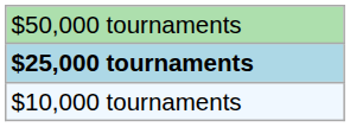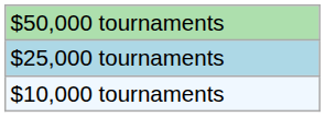 <table class="wikitable" style="font-size:85%;" width=15%>
 <tr style="background:#addfad;">
 <td>$50,000 tournaments</td>
 </tr>
 <tr bgcolor=lightblue>
-<td><strong>$25,000 tournaments</strong></td>
+<td>$25,000 tournaments</td>
 </tr>
 <tr bgcolor="#f0f8ff">
 <td>$10,000 tournaments</td>
 </tr>
 </table>
